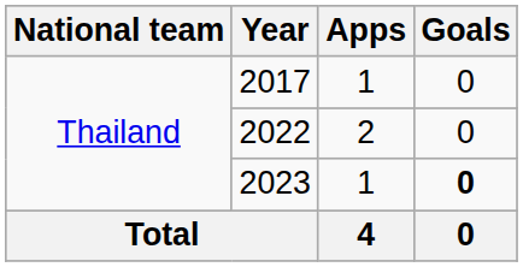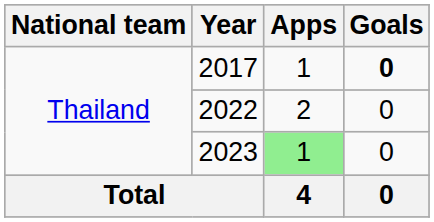 <table class="wikitable" style="text-align:center">
 <tr>
 <th>National team</th>
 <th>Year</th>
 <th>Apps</th>
 <th>Goals</th>
 </tr>
 <tr>
 <td rowspan="3"><a href='#'>Thailand</a></td>
 <td>2017</td>
 <td>1</td>
-<td>0</td>
+<td><strong>0</strong></td>
 </tr>
 <tr>
 <td>2022</td>
 <td>2</td>
 <td>0</td>
 </tr>
 <tr>
 <td>2023</td>
-<td>1</td>
-<td><strong>0</strong></td>
+<td style="background: lightgreen;">1</td>
+<td>0</td>
 </tr>
 <tr>
 <th colspan="2">Total</th>
 <th>4</th>
 <th>0</th>
 </tr>
 </table>
